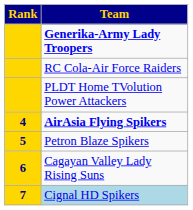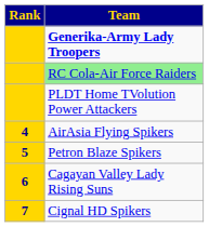 <table class="wikitable" style="text-align: center;">
 <tr>
 <th width=40 style="background:#00008B; color:#FFD700;">Rank</th>
 <th width=180 style="background:#00008B; color:#FFD700;">Team</th>
 </tr>
 <tr>
 <td style="background:#FFD700; color:#00008B;"></td>
 <td style="text-align:left;"><strong><a href='#'>Generika-Army Lady Troopers</a></strong></td>
 </tr>
 <tr>
 <td style="background:#FFD700; color:#00008B;"></td>
-<td style="text-align:left;"><a href='#'>RC Cola-Air Force Raiders</a></td>
+<td style="background: lightgreen; text-align:left;"><a href='#'>RC Cola-Air Force Raiders</a></td>
 </tr>
 <tr>
 <td style="background:#FFD700; color:#00008B;"></td>
 <td style="text-align:left;"><a href='#'>PLDT Home TVolution Power Attackers</a></td>
 </tr>
 <tr>
 <td style="background:#FFD700; color:#00008B;"><strong>4</strong></td>
-<td style="text-align:left;"><strong><a href='#'>AirAsia Flying Spikers</a></strong></td>
+<td style="text-align:left;"><a href='#'>AirAsia Flying Spikers</a></td>
 </tr>
 <tr>
 <td style="background:#FFD700; color:#00008B;"><strong>5</strong></td>
 <td style="text-align:left;"><a href='#'>Petron Blaze Spikers</a></td>
 </tr>
 <tr>
 <td style="background:#FFD700; color:#00008B;"><strong>6</strong></td>
 <td style="text-align:left;"><a href='#'>Cagayan Valley Lady Rising Suns</a></td>
 </tr>
 <tr>
 <td style="background:#FFD700; color:#00008B;"><strong>7</strong></td>
-<td style="background: lightblue; text-align:left;"><a href='#'>Cignal HD Spikers</a></td>
+<td style="text-align:left;"><a href='#'>Cignal HD Spikers</a></td>
 </tr>
 </table>
